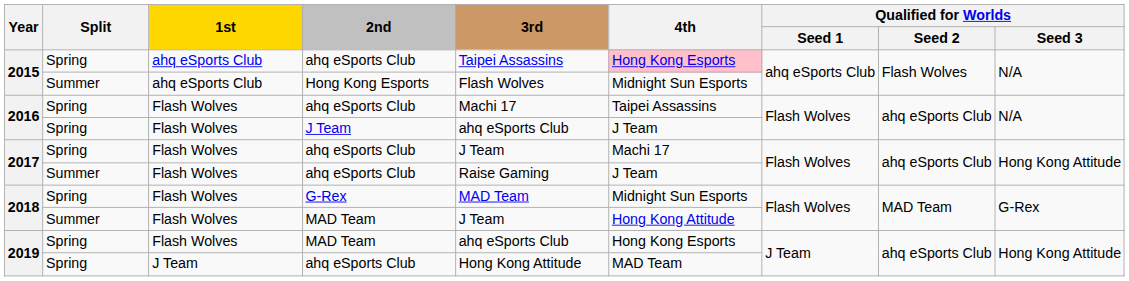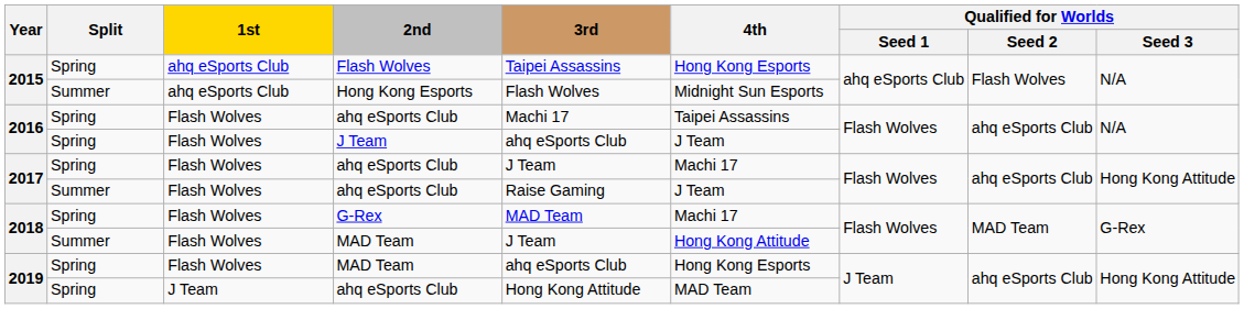 <table class="wikitable plainrowheaders" style="text-align:left">
 <tr>
 <th rowspan="2">Year</th>
 <th rowspan="2" style="width:7em; ">Split</th>
 <th rowspan="2" style="width:10.3em; background:gold;">1st</th>
 <th rowspan="2" style="width:10.3em; background:silver;">2nd</th>
 <th rowspan="2" style="width:10.3em; background:#c96;">3rd</th>
 <th rowspan="2" style="width:10.3em; ">4th</th>
 <th colspan="3">Qualified for <a href='#'>Worlds</a></th>
 </tr>
 <tr>
 <th>Seed 1</th>
 <th>Seed 2</th>
 <th>Seed 3</th>
 </tr>
 <tr>
 <th rowspan="2">2015</th>
 <td scope="row">Spring</td>
 <td><a href='#'>ahq eSports Club</a></td>
-<td>ahq eSports Club</td>
+<td><a href='#'>Flash Wolves</a></td>
 <td><a href='#'>Taipei Assassins</a></td>
-<td style="background: pink;"><a href='#'>Hong Kong Esports</a></td>
+<td><a href='#'>Hong Kong Esports</a></td>
 <td rowspan="2">ahq eSports Club</td>
 <td rowspan="2">Flash Wolves</td>
 <td rowspan="2">N/A</td>
 </tr>
 <tr>
 <td scope="row">Summer</td>
 <td>ahq eSports Club</td>
 <td>Hong Kong Esports</td>
 <td>Flash Wolves</td>
 <td>Midnight Sun Esports</td>
 </tr>
 <tr>
 <th rowspan="2">2016</th>
 <td scope="row">Spring</td>
 <td>Flash Wolves</td>
 <td>ahq eSports Club</td>
 <td>Machi 17</td>
 <td>Taipei Assassins</td>
 <td rowspan="2">Flash Wolves</td>
 <td rowspan="2">ahq eSports Club</td>
 <td rowspan="2">N/A</td>
 </tr>
 <tr>
 <td scope="row">Spring</td>
 <td>Flash Wolves</td>
 <td><a href='#'>J Team</a></td>
 <td>ahq eSports Club</td>
 <td>J Team</td>
 </tr>
 <tr>
 <th rowspan="2">2017</th>
 <td scope="row">Spring</td>
 <td>Flash Wolves</td>
 <td>ahq eSports Club</td>
 <td>J Team</td>
 <td>Machi 17</td>
 <td rowspan="2">Flash Wolves</td>
 <td rowspan="2">ahq eSports Club</td>
 <td rowspan="2">Hong Kong Attitude</td>
 </tr>
 <tr>
 <td scope="row">Summer</td>
 <td>Flash Wolves</td>
 <td>ahq eSports Club</td>
 <td>Raise Gaming</td>
 <td>J Team</td>
 </tr>
 <tr>
 <th rowspan="2">2018</th>
 <td scope="row">Spring</td>
 <td>Flash Wolves</td>
 <td><a href='#'>G-Rex</a></td>
 <td><a href='#'>MAD Team</a></td>
-<td>Midnight Sun Esports</td>
+<td>Machi 17</td>
 <td rowspan="2">Flash Wolves</td>
 <td rowspan="2">MAD Team</td>
 <td rowspan="2">G-Rex</td>
 </tr>
 <tr>
 <td scope="row">Summer</td>
 <td>Flash Wolves</td>
 <td>MAD Team</td>
 <td>J Team</td>
 <td><a href='#'>Hong Kong Attitude</a></td>
 </tr>
 <tr>
 <th rowspan="2">2019</th>
 <td>Spring</td>
 <td>Flash Wolves</td>
 <td>MAD Team</td>
 <td>ahq eSports Club</td>
 <td>Hong Kong Esports</td>
 <td rowspan="2">J Team</td>
 <td rowspan="2">ahq eSports Club</td>
 <td rowspan="2">Hong Kong Attitude</td>
 </tr>
 <tr>
 <td scope="row">Spring</td>
 <td>J Team</td>
 <td>ahq eSports Club</td>
 <td>Hong Kong Attitude</td>
 <td>MAD Team</td>
 </tr>
 </table>
